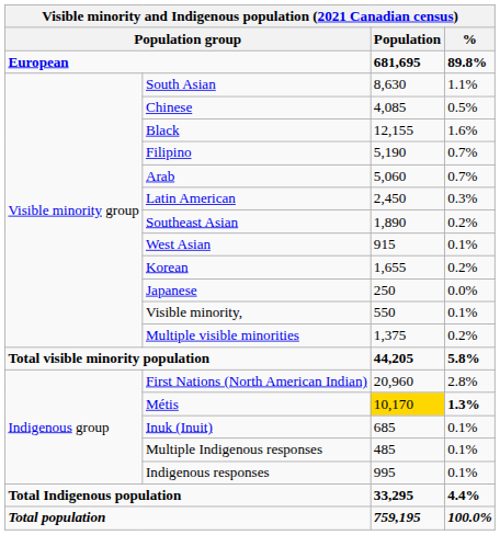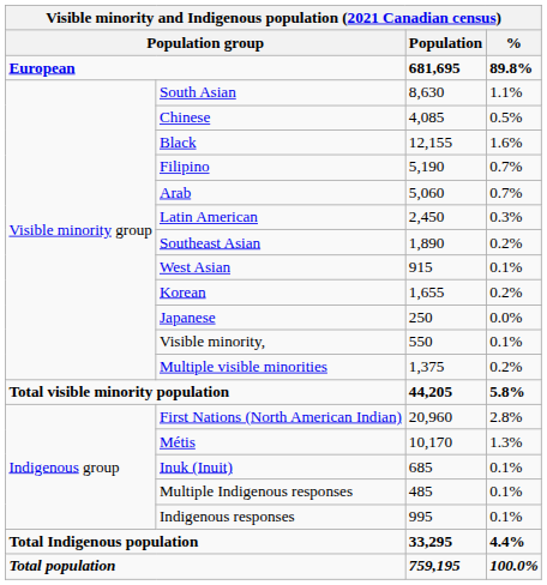 <table class="wikitable">
 <tr>
 <th colspan=4>Visible minority and Indigenous population (<a href='#'>2021 Canadian census</a>)</th>
 </tr>
 <tr>
 <th colspan="2">Population group</th>
 <th>Population</th>
 <th>%</th>
 </tr>
 <tr>
 <td colspan="2"><strong><a href='#'>European</a></strong></td>
 <td><strong>681,695</strong></td>
 <td><strong>89.8%</strong></td>
 </tr>
 <tr>
 <td rowspan="12"><a href='#'>Visible minority</a> group<br></td>
 <td><a href='#'>South Asian</a></td>
 <td>8,630</td>
 <td>1.1%</td>
 </tr>
 <tr>
 <td><a href='#'>Chinese</a></td>
 <td>4,085</td>
 <td>0.5%</td>
 </tr>
 <tr>
 <td><a href='#'>Black</a></td>
 <td>12,155</td>
 <td>1.6%</td>
 </tr>
 <tr>
 <td><a href='#'>Filipino</a></td>
 <td>5,190</td>
 <td>0.7%</td>
 </tr>
 <tr>
 <td><a href='#'>Arab</a></td>
 <td>5,060</td>
 <td>0.7%</td>
 </tr>
 <tr>
 <td><a href='#'>Latin American</a></td>
 <td>2,450</td>
 <td>0.3%</td>
 </tr>
 <tr>
 <td><a href='#'>Southeast Asian</a></td>
 <td>1,890</td>
 <td>0.2%</td>
 </tr>
 <tr>
 <td><a href='#'>West Asian</a></td>
 <td>915</td>
 <td>0.1%</td>
 </tr>
 <tr>
 <td><a href='#'>Korean</a></td>
 <td>1,655</td>
 <td>0.2%</td>
 </tr>
 <tr>
 <td><a href='#'>Japanese</a></td>
 <td>250</td>
 <td>0.0%</td>
 </tr>
 <tr>
 <td>Visible minority, </td>
 <td>550</td>
 <td>0.1%</td>
 </tr>
 <tr>
 <td><a href='#'>Multiple visible minorities</a></td>
 <td>1,375</td>
 <td>0.2%</td>
 </tr>
 <tr>
 <td colspan="2"><strong>Total visible minority population</strong></td>
 <td><strong>44,205</strong></td>
 <td><strong>5.8%</strong></td>
 </tr>
 <tr>
 <td rowspan="5"><a href='#'>Indigenous</a> group<br></td>
 <td><a href='#'>First Nations (North American Indian)</a></td>
 <td>20,960</td>
 <td>2.8%</td>
 </tr>
 <tr>
 <td><a href='#'>Métis</a></td>
-<td style="background: gold;">10,170</td>
-<td><strong>1.3%</strong></td>
+<td>10,170</td>
+<td>1.3%</td>
 </tr>
 <tr>
 <td><a href='#'>Inuk (Inuit)</a></td>
 <td>685</td>
 <td>0.1%</td>
 </tr>
 <tr>
 <td>Multiple Indigenous responses</td>
 <td>485</td>
 <td>0.1%</td>
 </tr>
 <tr>
 <td>Indigenous responses </td>
 <td>995</td>
 <td>0.1%</td>
 </tr>
 <tr>
 <td colspan="2"><strong>Total Indigenous population</strong></td>
 <td><strong>33,295</strong></td>
 <td><strong>4.4%</strong></td>
 </tr>
 <tr>
 <td colspan="2"><strong><em>Total population</em></strong></td>
 <td><strong><em>759,195</em></strong></td>
 <td><strong><em>100.0%</em></strong></td>
 </tr>
 </table>
